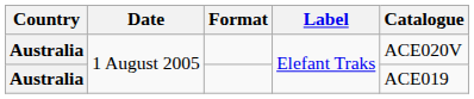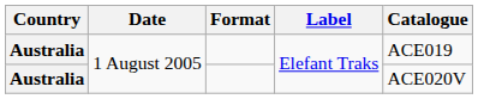 <table class="wikitable plainrowheaders">
 <tr>
 <th scope="col">Country</th>
 <th scope="col">Date</th>
 <th scope="col">Format</th>
 <th scope="col"><a href='#'>Label</a></th>
 <th scope="col">Catalogue</th>
 </tr>
 <tr>
 <th scope="row">Australia</th>
 <td rowspan="2">1 August 2005</td>
 <td></td>
 <td rowspan="2"><a href='#'>Elefant Traks</a></td>
-<td>ACE020V</td>
+<td>ACE019</td>
 </tr>
 <tr>
 <th scope="row">Australia</th>
 <td></td>
-<td>ACE019</td>
+<td>ACE020V</td>
 </tr>
 </table>
